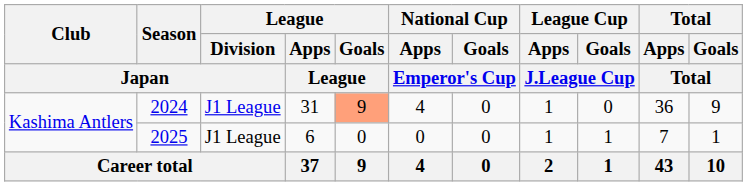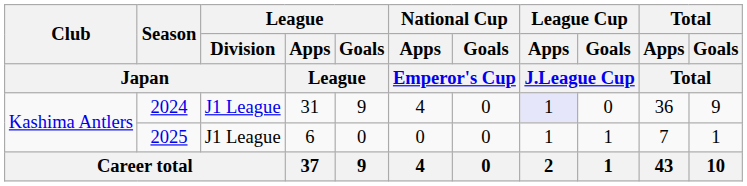 <table class="wikitable" style="text-align: center">
 <tr>
 <th rowspan="2">Club</th>
 <th rowspan="2">Season</th>
 <th colspan="3">League</th>
 <th colspan="2">National Cup</th>
 <th colspan="2">League Cup</th>
 <th colspan="2">Total</th>
 </tr>
 <tr>
 <th>Division</th>
 <th>Apps</th>
 <th>Goals</th>
 <th>Apps</th>
 <th>Goals</th>
 <th>Apps</th>
 <th>Goals</th>
 <th>Apps</th>
 <th>Goals</th>
 </tr>
 <tr>
 <th colspan=3>Japan</th>
 <th colspan=2>League</th>
 <th colspan=2><a href='#'>Emperor's Cup</a></th>
 <th colspan=2><a href='#'>J.League Cup</a></th>
 <th colspan=2>Total</th>
 </tr>
 <tr>
 <td rowspan="2"><a href='#'>Kashima Antlers</a></td>
 <td><a href='#'>2024</a></td>
 <td><a href='#'>J1 League</a></td>
 <td>31</td>
-<td style="background: lightsalmon;">9</td>
+<td>9</td>
 <td>4</td>
 <td>0</td>
-<td>1</td>
+<td style="background: lavender;">1</td>
 <td>0</td>
 <td>36</td>
 <td>9</td>
 </tr>
 <tr>
 <td><a href='#'>2025</a></td>
 <td>J1 League</td>
 <td>6</td>
 <td>0</td>
 <td>0</td>
 <td>0</td>
 <td>1</td>
 <td>1</td>
 <td>7</td>
 <td>1</td>
 </tr>
 <tr>
 <th colspan=3>Career total</th>
 <th>37</th>
 <th>9</th>
 <th>4</th>
 <th>0</th>
 <th>2</th>
 <th>1</th>
 <th>43</th>
 <th>10</th>
 </tr>
 </table>
